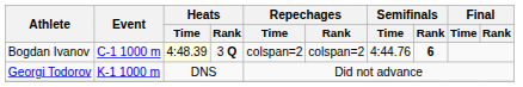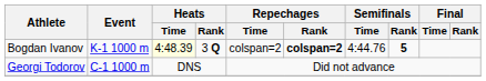 <table class="wikitable" style="font-size:90%; text-align:center;">
 <tr>
 <th rowspan=2>Athlete</th>
 <th rowspan=2>Event</th>
 <th colspan=2>Heats</th>
 <th colspan=2>Repechages</th>
 <th colspan=2>Semifinals</th>
 <th colspan=2>Final</th>
 </tr>
 <tr style="font-size:95%">
 <th>Time</th>
 <th>Rank</th>
 <th>Time</th>
 <th>Rank</th>
 <th>Time</th>
 <th>Rank</th>
 <th>Time</th>
 <th>Rank</th>
 </tr>
 <tr>
 <td align=left rowspan=1>Bogdan Ivanov</td>
-<td align=left><a href='#'>C-1 1000 m</a></td>
+<td align=left><a href='#'>K-1 1000 m</a></td>
 <td style="background: lightyellow;">4:48.39</td>
 <td>3 <strong>Q</strong></td>
 <td>colspan=2 </td>
-<td>colspan=2 </td>
+<td><strong>colspan=2 </strong></td>
 <td>4:44.76</td>
-<td><strong>6</strong></td>
+<td><strong>5</strong></td>
 </tr>
 <tr>
 <td align=left rowspan=1><a href='#'>Georgi Todorov</a></td>
-<td align=left><a href='#'>K-1 1000 m</a></td>
+<td align=left><a href='#'>C-1 1000 m</a></td>
 <td colspan=2>DNS</td>
 <td colspan=6>Did not advance</td>
 </tr>
 <tr>
 </tr>
 </table>
